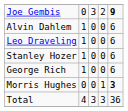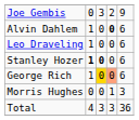 <table class="wikitable">
 <tr>
 </tr>
 <tr>
 <td><a href='#'>Joe Gembis</a></td>
 <td>0</td>
 <td>3</td>
 <td>2</td>
-<td><strong>9</strong></td>
+<td>9</td>
 </tr>
 <tr>
 <td>Alvin Dahlem</td>
 <td>1</td>
 <td>0</td>
-<td>0</td>
+<td><strong>0</strong></td>
 <td>6</td>
 </tr>
 <tr>
 <td><a href='#'>Leo Draveling</a></td>
 <td>1</td>
 <td>0</td>
 <td>0</td>
 <td>6</td>
 </tr>
 <tr>
 <td>Stanley Hozer</td>
-<td>1</td>
-<td>0</td>
+<td><strong>1</strong></td>
+<td><strong>0</strong></td>
 <td>0</td>
 <td>6</td>
 </tr>
 <tr>
 <td>George Rich</td>
 <td>1</td>
-<td>0</td>
-<td>0</td>
+<td style="background: gold;">0</td>
+<td style="background: lightsalmon;">0</td>
 <td>6</td>
 </tr>
 <tr>
 <td>Morris Hughes</td>
 <td>0</td>
 <td>0</td>
 <td>1</td>
-<td><strong>3</strong></td>
+<td>3</td>
 </tr>
 <tr>
 <td>Total</td>
 <td>4</td>
 <td>3</td>
 <td>3</td>
 <td>36</td>
 </tr>
 <tr>
 </tr>
 </table>
